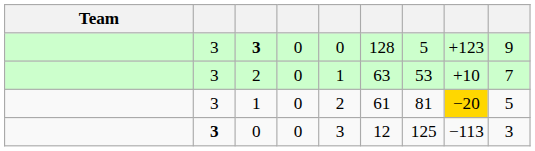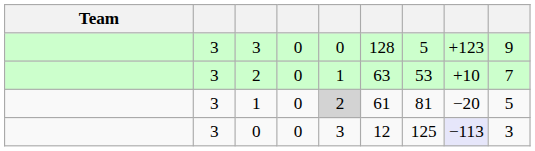 <table class="wikitable" style="text-align:center; font-size:95%;">
 <tr>
 <th width=160>Team</th>
 <th width=30></th>
 <th width=30></th>
 <th width=30></th>
 <th width=30></th>
 <th width=30></th>
 <th width=30></th>
 <th width=30></th>
 <th width=30></th>
 </tr>
 <tr style="background:#ccffcc">
 <td align=left></td>
 <td>3</td>
-<td><strong>3</strong></td>
+<td>3</td>
 <td>0</td>
 <td>0</td>
 <td>128</td>
 <td>5</td>
 <td>+123</td>
 <td>9</td>
 </tr>
 <tr style="background:#ccffcc">
 <td align=left></td>
 <td>3</td>
 <td>2</td>
 <td>0</td>
 <td>1</td>
 <td>63</td>
 <td>53</td>
 <td>+10</td>
 <td>7</td>
 </tr>
 <tr>
 <td align=left></td>
 <td>3</td>
 <td>1</td>
 <td>0</td>
-<td>2</td>
+<td style="background: lightgrey;">2</td>
 <td>61</td>
 <td>81</td>
-<td style="background: gold;">−20</td>
+<td>−20</td>
 <td>5</td>
 </tr>
 <tr>
 <td align=left></td>
-<td><strong>3</strong></td>
+<td>3</td>
 <td>0</td>
 <td>0</td>
 <td>3</td>
 <td>12</td>
 <td>125</td>
-<td>−113</td>
+<td style="background: lavender;">−113</td>
 <td>3</td>
 </tr>
 </table>
